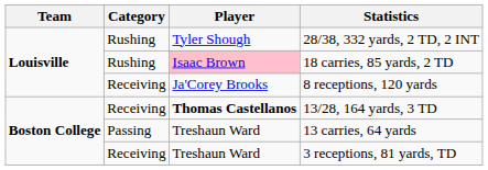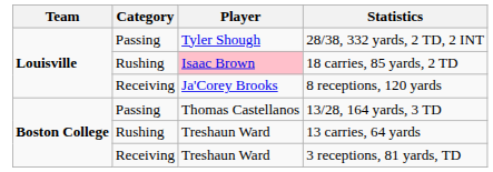 <table class="wikitable" style="float: right;">
 <tr>
 <th>Team</th>
 <th>Category</th>
 <th>Player</th>
 <th>Statistics</th>
 </tr>
 <tr>
 <td rowspan=3><strong>Louisville</strong></td>
-<td>Rushing</td>
+<td>Passing</td>
 <td><a href='#'>Tyler Shough</a></td>
 <td>28/38, 332 yards, 2 TD, 2 INT</td>
 </tr>
 <tr>
 <td>Rushing</td>
 <td style="background: pink;"><a href='#'>Isaac Brown</a></td>
 <td>18 carries, 85 yards, 2 TD</td>
 </tr>
 <tr>
 <td>Receiving</td>
 <td><a href='#'>Ja'Corey Brooks</a></td>
 <td>8 receptions, 120 yards</td>
 </tr>
 <tr>
 <td rowspan=3><strong>Boston College</strong></td>
-<td>Receiving</td>
-<td><strong>Thomas Castellanos</strong></td>
+<td>Passing</td>
+<td>Thomas Castellanos</td>
 <td>13/28, 164 yards, 3 TD</td>
 </tr>
 <tr>
-<td>Passing</td>
+<td>Rushing</td>
 <td>Treshaun Ward</td>
 <td>13 carries, 64 yards</td>
 </tr>
 <tr>
 <td>Receiving</td>
 <td>Treshaun Ward</td>
 <td>3 receptions, 81 yards, TD</td>
 </tr>
 </table>
